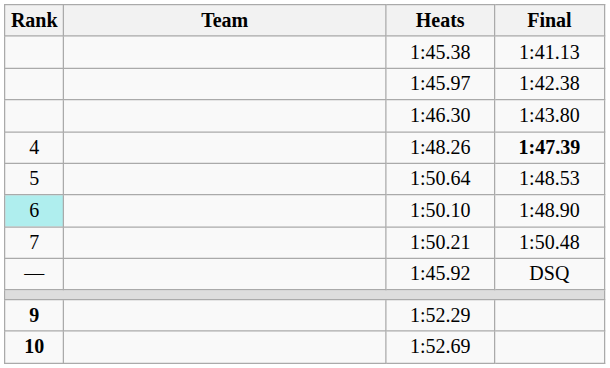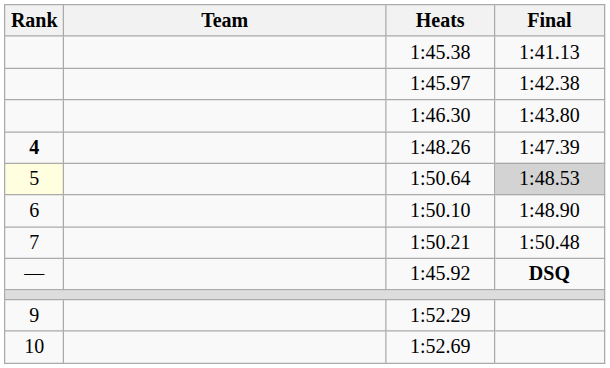 <table class=wikitable style="text-align:center">
 <tr>
 <th width=40>Rank</th>
 <th width=250>Team</th>
 <th width=80>Heats</th>
 <th width=80>Final</th>
 </tr>
 <tr>
 <td></td>
 <td align=left></td>
 <td>1:45.38</td>
 <td>1:41.13</td>
 </tr>
 <tr>
 <td></td>
 <td align=left></td>
 <td>1:45.97</td>
 <td>1:42.38</td>
 </tr>
 <tr>
 <td></td>
 <td align=left></td>
 <td>1:46.30</td>
 <td>1:43.80</td>
 </tr>
 <tr>
-<td>4</td>
+<td><strong>4</strong></td>
 <td align=left></td>
 <td>1:48.26</td>
-<td><strong>1:47.39</strong></td>
+<td>1:47.39</td>
 </tr>
 <tr>
-<td>5</td>
+<td style="background: lightyellow;">5</td>
 <td align=left></td>
 <td>1:50.64</td>
-<td>1:48.53</td>
+<td style="background: lightgrey;">1:48.53</td>
 </tr>
 <tr>
-<td style="background: paleturquoise;">6</td>
+<td>6</td>
 <td align=left></td>
 <td>1:50.10</td>
 <td>1:48.90</td>
 </tr>
 <tr>
 <td>7</td>
 <td align=left></td>
 <td>1:50.21</td>
 <td>1:50.48</td>
 </tr>
 <tr>
 <td>—</td>
 <td align=left></td>
 <td>1:45.92</td>
-<td>DSQ</td>
+<td><strong>DSQ</strong></td>
 </tr>
 <tr bgcolor=#DDDDDD>
 <td colspan=4></td>
 </tr>
 <tr>
-<td><strong>9</strong></td>
+<td>9</td>
 <td align=left></td>
 <td>1:52.29</td>
 <td></td>
 </tr>
 <tr>
-<td><strong>10</strong></td>
+<td>10</td>
 <td align=left></td>
 <td>1:52.69</td>
 <td></td>
 </tr>
 </table>
